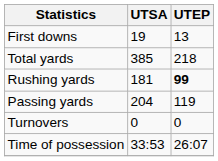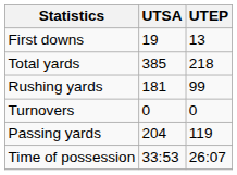 <table class="wikitable">
 <tr>
 <th>Statistics</th>
 <th>UTSA</th>
 <th>UTEP</th>
 </tr>
 <tr>
 <td>First downs</td>
 <td>19</td>
 <td>13</td>
 </tr>
 <tr>
 <td>Total yards</td>
 <td>385</td>
 <td>218</td>
 </tr>
 <tr>
 <td>Rushing yards</td>
 <td>181</td>
-<td><strong>99</strong></td>
+<td>99</td>
+</tr>
+<tr>
+<td>Turnovers</td>
+<td>0</td>
+<td>0</td>
 </tr>
 <tr>
 <td>Passing yards</td>
 <td>204</td>
 <td>119</td>
-</tr>
-<tr>
-<td>Turnovers</td>
-<td>0</td>
-<td>0</td>
 </tr>
 <tr>
 <td>Time of possession</td>
 <td>33:53</td>
 <td>26:07</td>
 </tr>
 <tr>
 </tr>
 </table>
